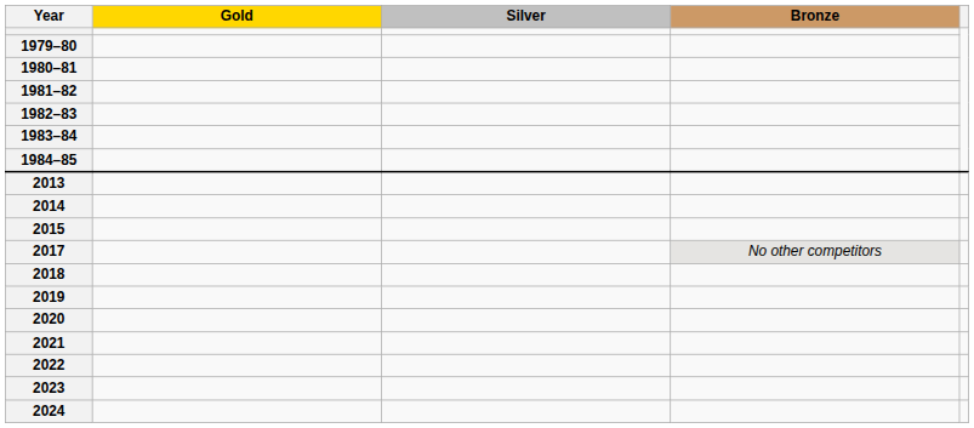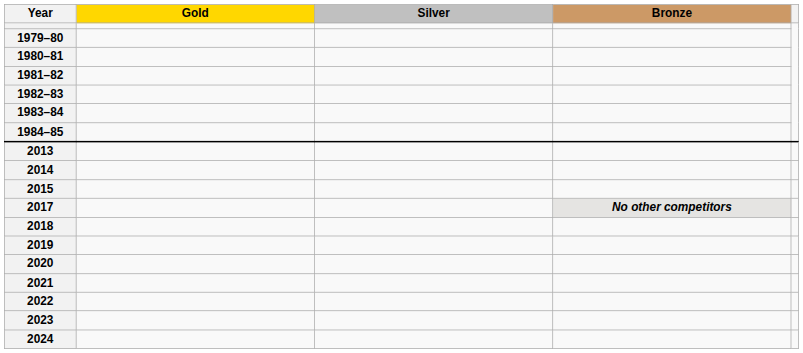 <table class="wikitable unsortable" style="text-align:left; width:85%">
 <tr>
 <th scope="col" style="text-align:center">Year</th>
 <td scope="col" style="text-align:center; width:30%; background:gold"><strong>Gold</strong></td>
 <td scope="col" style="text-align:center; width:30%; background:silver"><strong>Silver</strong></td>
 <td scope="col" style="text-align:center; width:30%; background:#c96"><strong>Bronze</strong></td>
 <th scope="col" style="text-align:center"></th>
 </tr>
 <tr>
 <th scope="row"></th>
 <td></td>
 <td></td>
 <td></td>
 <td rowspan="7"></td>
 </tr>
 <tr>
 <th scope="row">1979–80</th>
 <td></td>
 <td></td>
 <td></td>
 </tr>
 <tr>
 <th scope="row">1980–81</th>
 <td></td>
 <td></td>
 <td></td>
 </tr>
 <tr>
 <th scope="row">1981–82</th>
 <td></td>
 <td></td>
 <td></td>
 </tr>
 <tr>
 <th scope="row">1982–83</th>
 <td></td>
 <td></td>
 <td></td>
 </tr>
 <tr>
 <th scope="row">1983–84</th>
 <td></td>
 <td></td>
 <td></td>
 </tr>
 <tr>
 <th scope="row">1984–85</th>
 <td></td>
 <td></td>
 <td></td>
 </tr>
 <tr style="border-top:2.5px solid">
 <th scope="row">2013</th>
 <td></td>
 <td></td>
 <td></td>
 <td></td>
 </tr>
 <tr>
 <th scope="row">2014</th>
 <td></td>
 <td></td>
 <td></td>
 <td></td>
 </tr>
 <tr>
 <th scope="row">2015</th>
 <td></td>
 <td></td>
 <td></td>
 <td></td>
 </tr>
 <tr>
 <th scope="row">2017</th>
 <td></td>
 <td></td>
-<td align="center" bgcolor="e5e4e2"><em>No other competitors</em></td>
+<td align="center" bgcolor="e5e4e2"><strong><em>No other competitors</em></strong></td>
 <td></td>
 </tr>
 <tr>
 <th scope="row">2018</th>
 <td></td>
 <td></td>
 <td></td>
 <td></td>
 </tr>
 <tr>
 <th scope="row">2019</th>
 <td></td>
 <td></td>
 <td></td>
 <td></td>
 </tr>
 <tr>
 <th scope="row">2020</th>
 <td></td>
 <td></td>
 <td></td>
 <td></td>
 </tr>
 <tr>
 <th scope="row">2021</th>
 <td></td>
 <td></td>
 <td></td>
 <td></td>
 </tr>
 <tr>
 <th scope="row">2022</th>
 <td></td>
 <td></td>
 <td></td>
 <td></td>
 </tr>
 <tr>
 <th scope="row">2023</th>
 <td></td>
 <td></td>
 <td></td>
 <td></td>
 </tr>
 <tr>
 <th scope="row">2024</th>
 <td></td>
 <td></td>
 <td></td>
 <td></td>
 </tr>
 </table>
